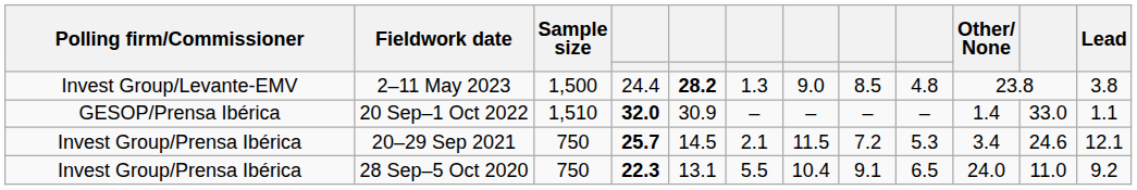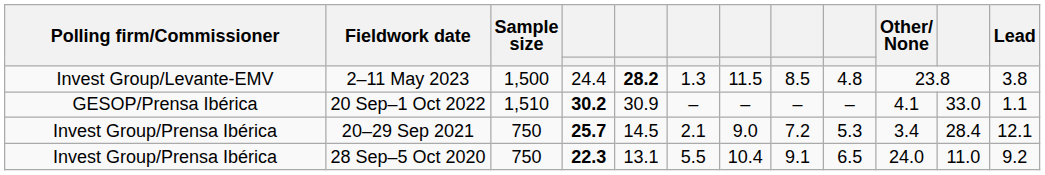 <table class="wikitable collapsible collapsed" style="text-align:center; font-size:90%; line-height:14px;">
 <tr style="height:42px;">
 <th style="width:250px;" rowspan="2">Polling firm/Commissioner</th>
 <th style="width:125px;" rowspan="2">Fieldwork date</th>
 <th style="width:50px;" rowspan="2">Sample size</th>
 <th style="width:35px;"></th>
 <th style="width:35px;"></th>
 <th style="width:35px;"></th>
 <th style="width:35px;"></th>
 <th style="width:35px;"></th>
 <th style="width:35px;"></th>
 <th style="width:35px;" rowspan="2">Other/<br>None</th>
 <th style="width:35px;" rowspan="2"></th>
 <th style="width:30px;" rowspan="2">Lead</th>
 </tr>
 <tr>
 <th style="color:inherit;background:"></th>
 <th style="color:inherit;background:"></th>
 <th style="color:inherit;background:"></th>
 <th style="color:inherit;background:"></th>
 <th style="color:inherit;background:"></th>
 <th style="color:inherit;background:"></th>
 </tr>
 <tr>
 <td>Invest Group/Levante-EMV</td>
 <td>2–11 May 2023</td>
 <td>1,500</td>
 <td>24.4</td>
 <td><strong>28.2</strong></td>
 <td>1.3</td>
-<td>9.0</td>
+<td>11.5</td>
 <td>8.5</td>
 <td>4.8</td>
 <td colspan="2">23.8</td>
 <td style="background:">3.8</td>
 </tr>
 <tr>
 <td>GESOP/Prensa Ibérica</td>
 <td>20 Sep–1 Oct 2022</td>
 <td>1,510</td>
-<td><strong>32.0</strong></td>
+<td><strong>30.2</strong></td>
 <td>30.9</td>
 <td>–</td>
 <td>–</td>
 <td>–</td>
 <td>–</td>
-<td>1.4</td>
+<td>4.1</td>
 <td>33.0</td>
 <td style="background:">1.1</td>
 </tr>
 <tr>
 <td>Invest Group/Prensa Ibérica</td>
 <td>20–29 Sep 2021</td>
 <td>750</td>
 <td><strong>25.7</strong></td>
 <td>14.5</td>
 <td>2.1</td>
-<td>11.5</td>
+<td>9.0</td>
 <td>7.2</td>
 <td>5.3</td>
 <td>3.4</td>
-<td>24.6</td>
+<td>28.4</td>
 <td style="background:">12.1</td>
 </tr>
 <tr>
 <td>Invest Group/Prensa Ibérica</td>
 <td>28 Sep–5 Oct 2020</td>
 <td>750</td>
 <td><strong>22.3</strong></td>
 <td>13.1</td>
 <td>5.5</td>
 <td>10.4</td>
 <td>9.1</td>
 <td>6.5</td>
 <td>24.0</td>
 <td>11.0</td>
 <td style="background:">9.2</td>
 </tr>
 </table>
